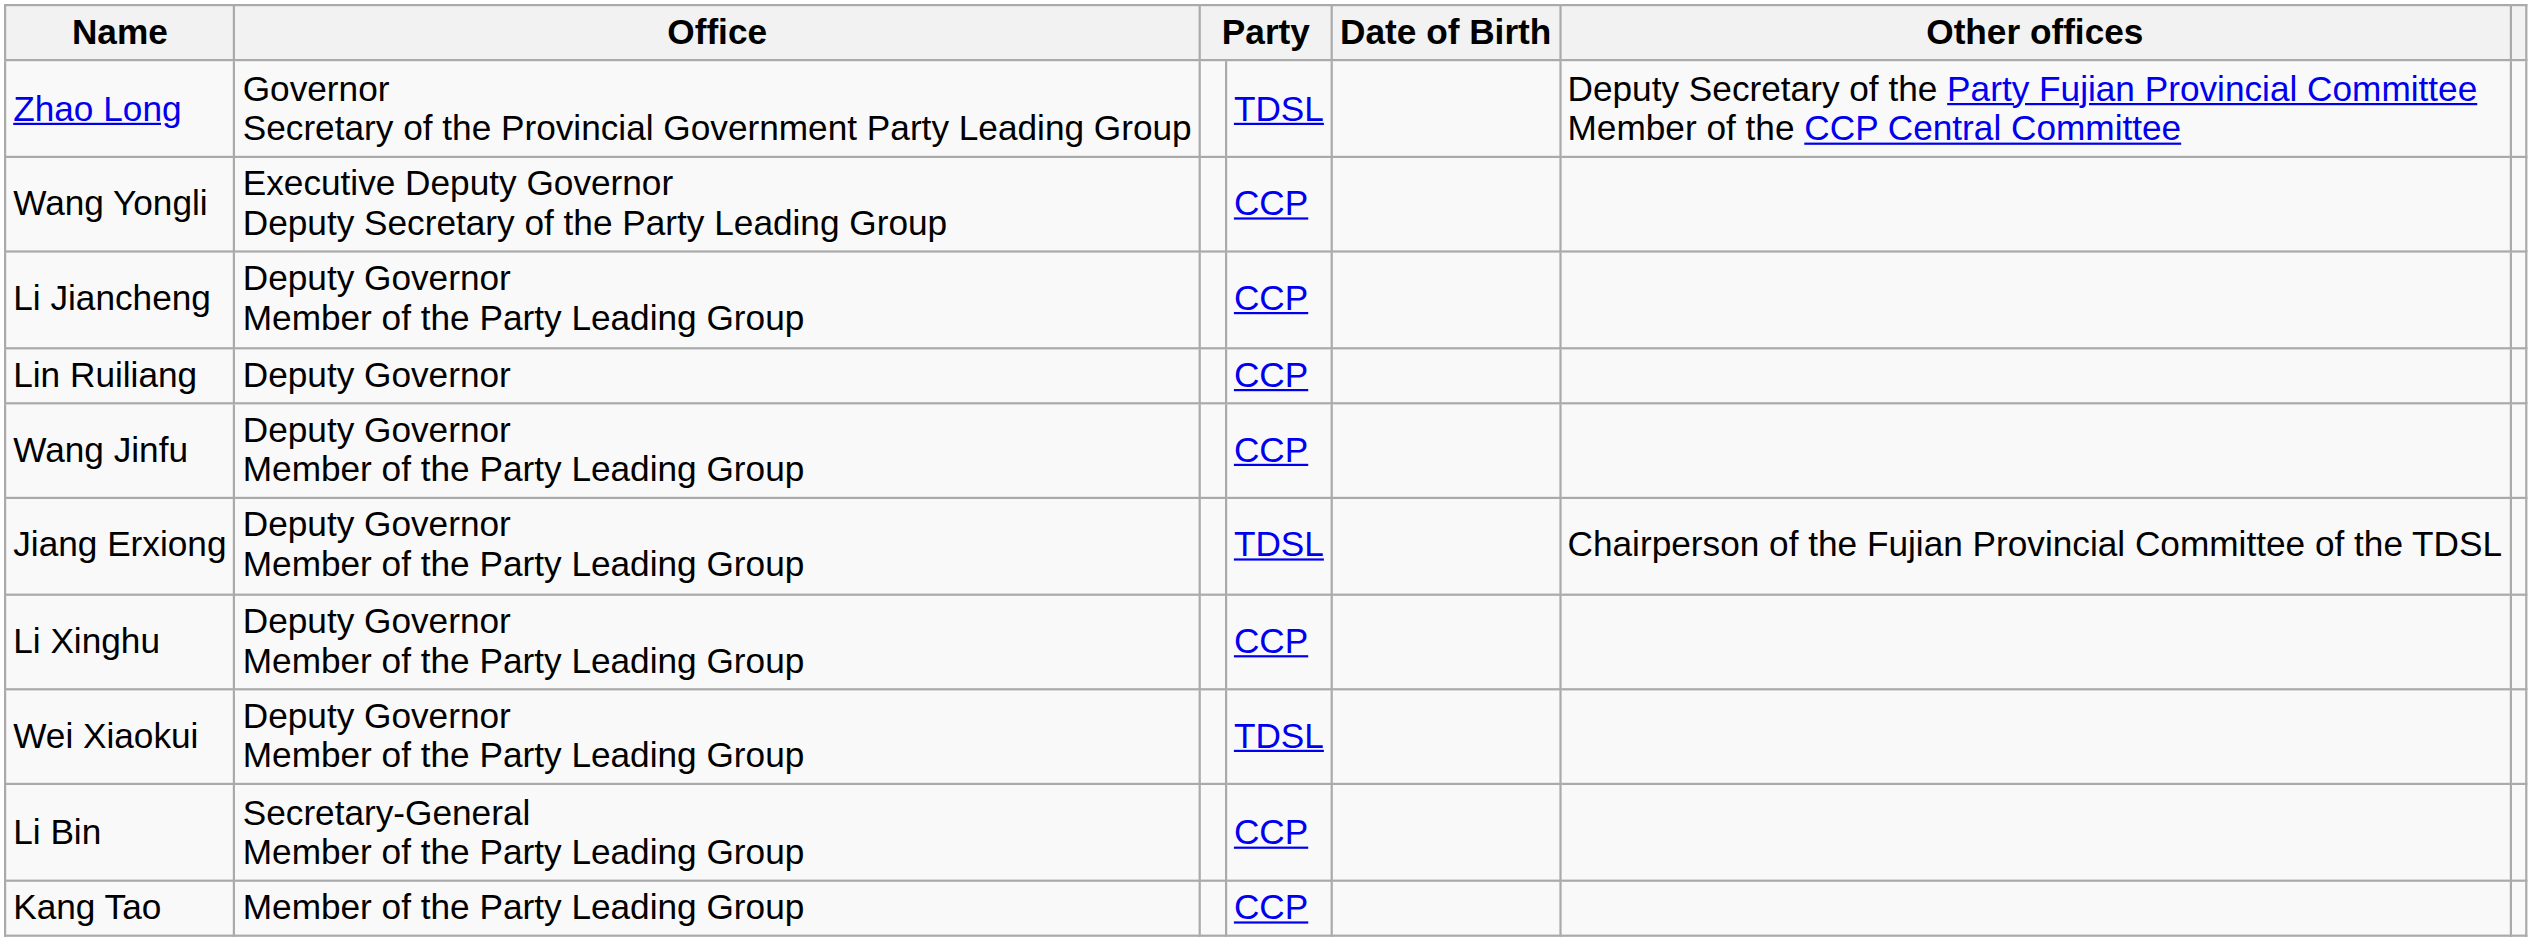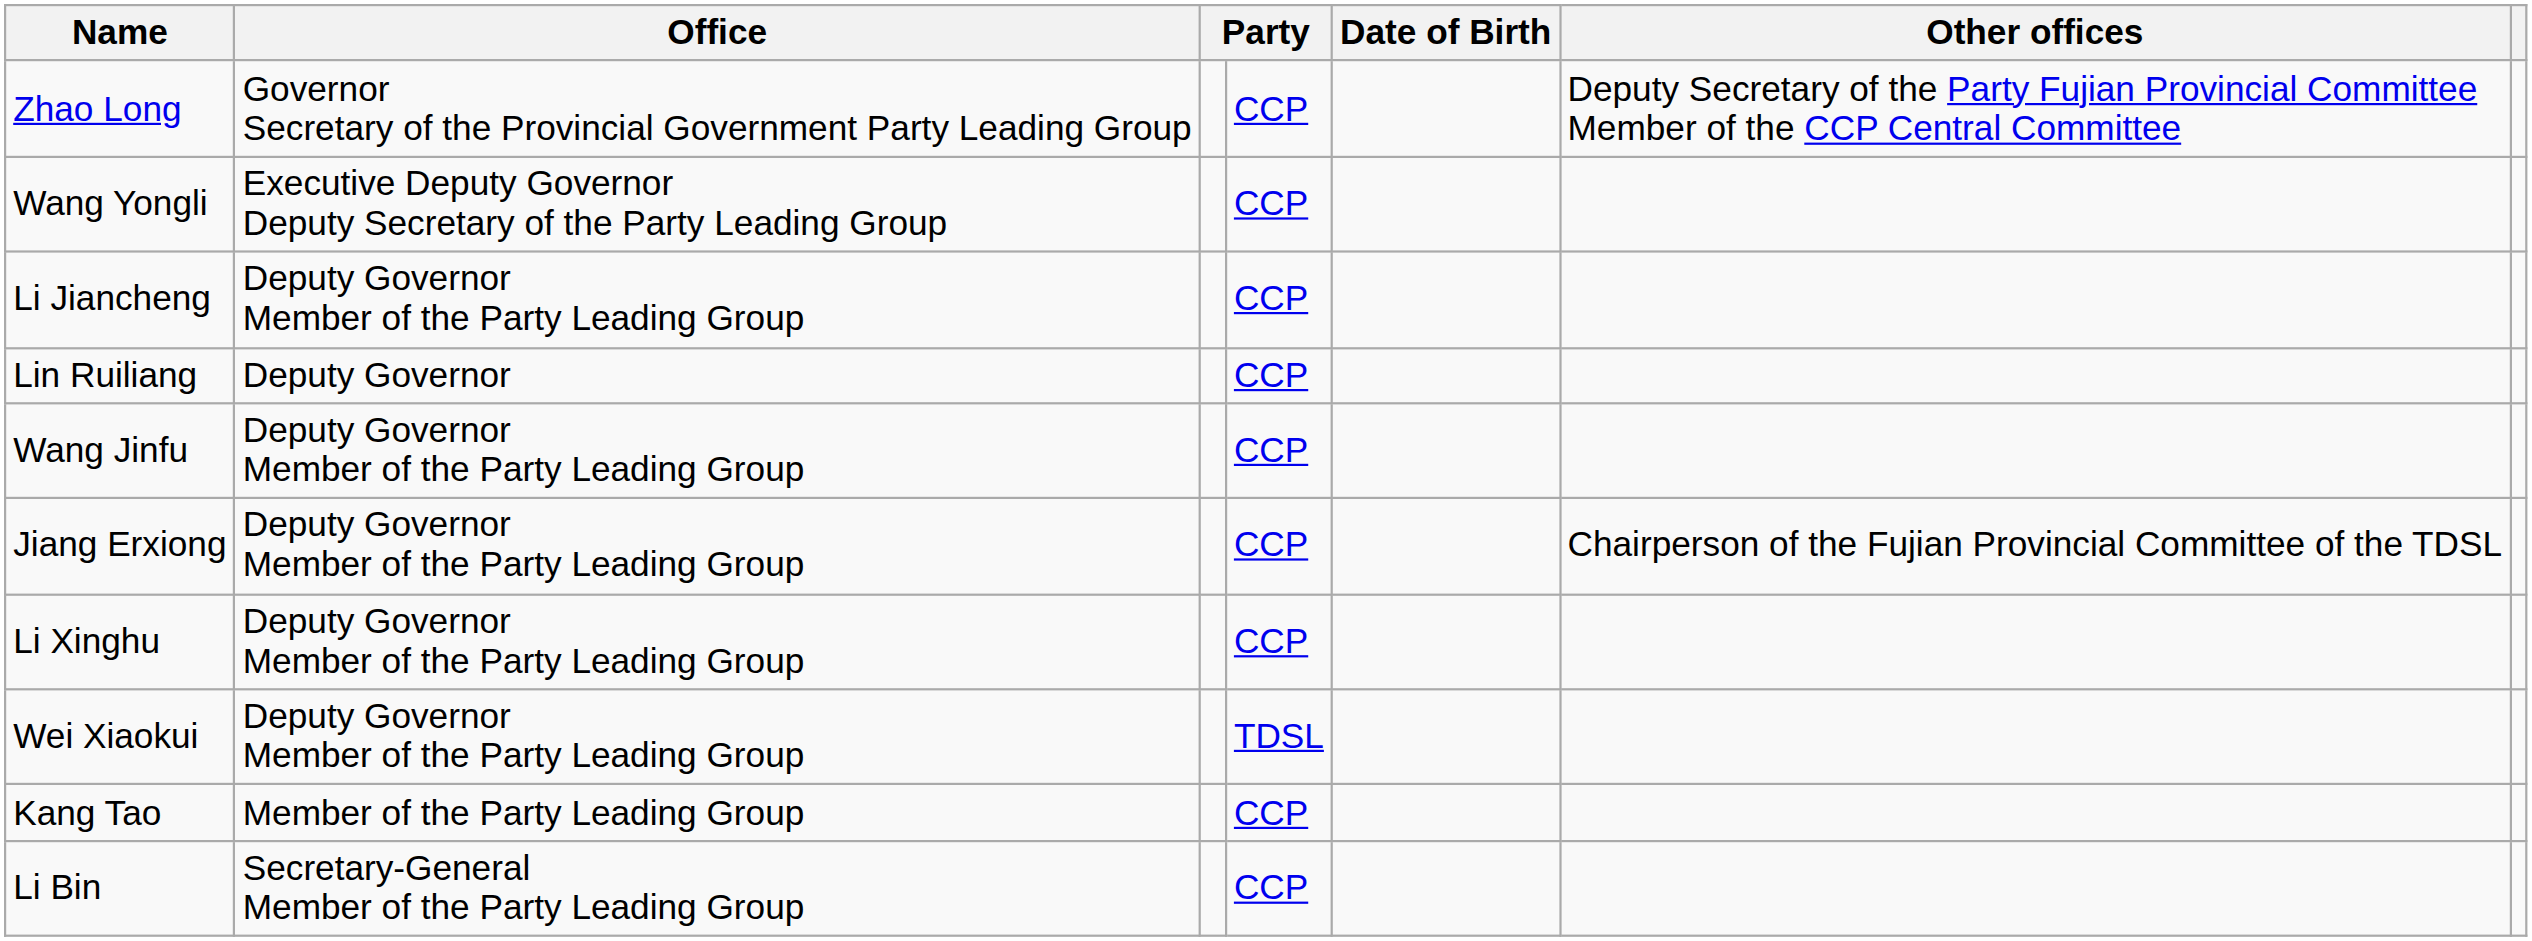 <table class="wikitable">
 <tr>
 <th>Name</th>
 <th>Office</th>
 <th colspan="2">Party</th>
 <th>Date of Birth</th>
 <th>Other offices</th>
 <th></th>
 </tr>
 <tr>
 <td><a href='#'>Zhao Long</a></td>
 <td>Governor<br>Secretary of the Provincial Government Party Leading Group</td>
 <td style="background:"> </td>
-<td><a href='#'>TDSL</a></td>
+<td><a href='#'>CCP</a></td>
 <td></td>
 <td>Deputy Secretary of the <a href='#'>Party Fujian Provincial Committee</a><br>Member of the <a href='#'>CCP Central Committee</a></td>
 <td></td>
 </tr>
 <tr>
 <td>Wang Yongli</td>
 <td>Executive Deputy Governor<br>Deputy Secretary of the Party Leading Group</td>
 <td style="background:"> </td>
 <td><a href='#'>CCP</a></td>
 <td></td>
 <td></td>
 <td></td>
 </tr>
 <tr>
 <td>Li Jiancheng</td>
 <td>Deputy Governor<br>Member of the Party Leading Group</td>
 <td style="background:"> </td>
 <td><a href='#'>CCP</a></td>
 <td></td>
 <td></td>
 <td></td>
 </tr>
 <tr>
 <td>Lin Ruiliang</td>
 <td>Deputy Governor</td>
 <td style="background:"> </td>
 <td><a href='#'>CCP</a></td>
 <td></td>
 <td></td>
 <td></td>
 </tr>
 <tr>
 <td>Wang Jinfu</td>
 <td>Deputy Governor<br>Member of the Party Leading Group</td>
 <td style="background:"> </td>
 <td><a href='#'>CCP</a></td>
 <td></td>
 <td></td>
 <td></td>
 </tr>
 <tr>
 <td>Jiang Erxiong</td>
 <td>Deputy Governor<br>Member of the Party Leading Group</td>
 <td style="background:"> </td>
-<td><a href='#'>TDSL</a></td>
+<td><a href='#'>CCP</a></td>
 <td></td>
 <td>Chairperson of the Fujian Provincial Committee of the TDSL</td>
 <td></td>
 </tr>
 <tr>
 <td>Li Xinghu</td>
 <td>Deputy Governor<br>Member of the Party Leading Group</td>
 <td style="background:"> </td>
 <td><a href='#'>CCP</a></td>
 <td></td>
 <td></td>
 <td></td>
 </tr>
 <tr>
 <td>Wei Xiaokui</td>
 <td>Deputy Governor<br>Member of the Party Leading Group</td>
 <td style="background:"> </td>
 <td><a href='#'>TDSL</a></td>
 <td></td>
 <td></td>
 <td></td>
 </tr>
 <tr>
+<td>Kang Tao</td>
+<td>Member of the Party Leading Group</td>
+<td style="background:"> </td>
+<td><a href='#'>CCP</a></td>
+<td></td>
+<td></td>
+<td></td>
+</tr>
+<tr>
 <td>Li Bin</td>
 <td>Secretary-General<br>Member of the Party Leading Group</td>
 <td style="background:"> </td>
 <td><a href='#'>CCP</a></td>
 <td></td>
 <td></td>
 <td></td>
 </tr>
-<tr>
-<td>Kang Tao</td>
-<td>Member of the Party Leading Group</td>
-<td style="background:"> </td>
-<td><a href='#'>CCP</a></td>
-<td></td>
-<td></td>
-<td></td>
-</tr>
 </table>
